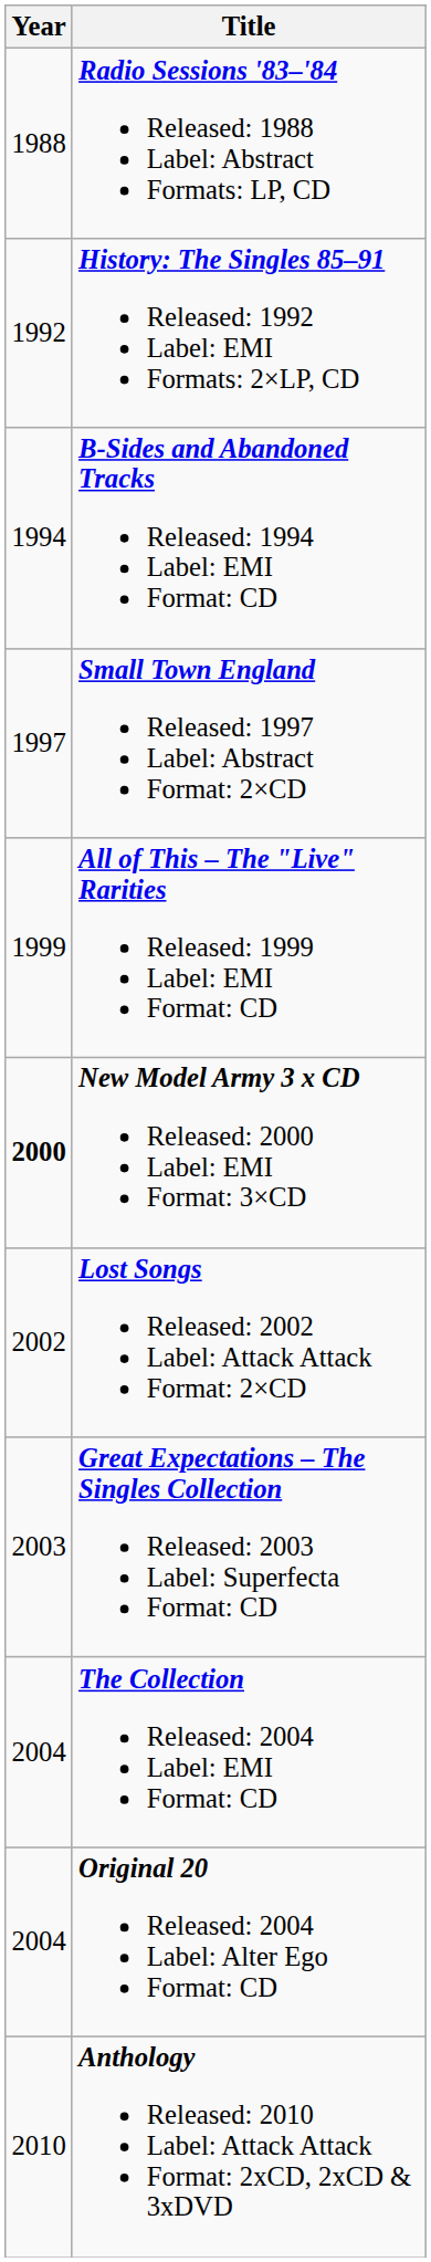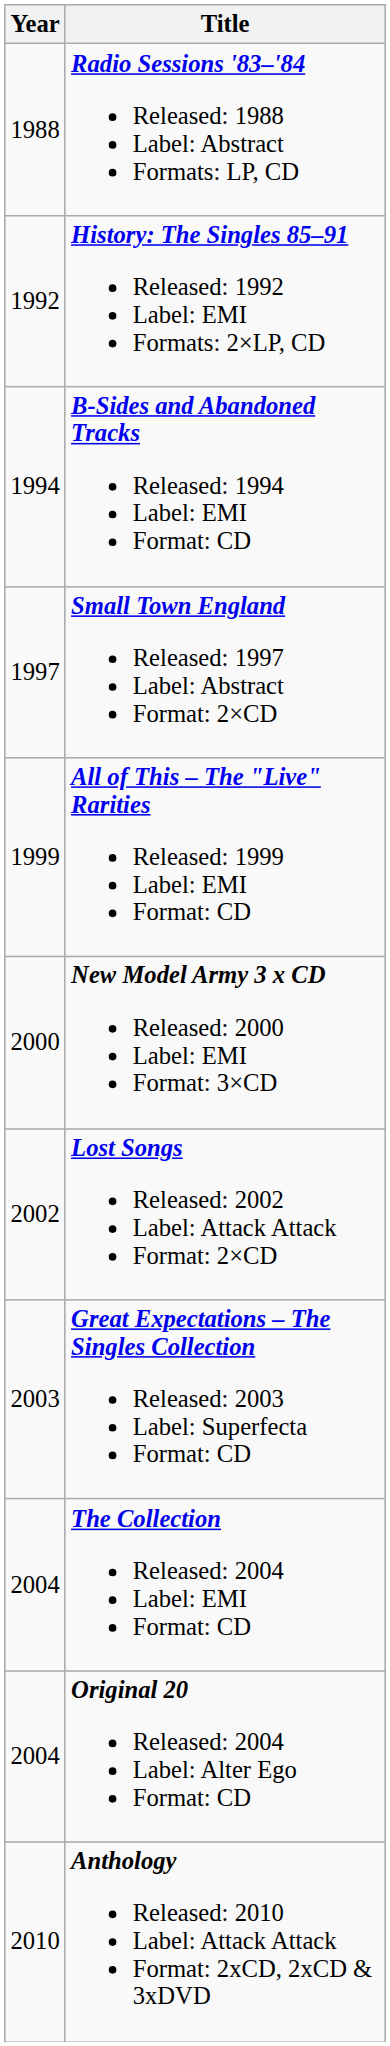 <table class="wikitable">
 <tr>
 <th>Year</th>
 <th width="200">Title</th>
 </tr>
 <tr align="center">
 <td>1988</td>
 <td align="left"><strong><em><a href='#'>Radio Sessions '83–'84</a></em></strong><br><ul><li>Released: 1988</li><li>Label: Abstract</li><li>Formats: LP, CD</li></ul></td>
 </tr>
 <tr align="center">
 <td>1992</td>
 <td align="left"><strong><em><a href='#'>History: The Singles 85–91</a></em></strong><br><ul><li>Released: 1992</li><li>Label: EMI</li><li>Formats: 2×LP, CD</li></ul></td>
 </tr>
 <tr align="center">
 <td>1994</td>
 <td align="left"><strong><em><a href='#'>B-Sides and Abandoned Tracks</a></em></strong><br><ul><li>Released: 1994</li><li>Label: EMI</li><li>Format: CD</li></ul></td>
 </tr>
 <tr align="center">
 <td>1997</td>
 <td align="left"><strong><em><a href='#'>Small Town England</a></em></strong><br><ul><li>Released: 1997</li><li>Label: Abstract</li><li>Format: 2×CD</li></ul></td>
 </tr>
 <tr align="center">
 <td>1999</td>
 <td align="left"><strong><em><a href='#'>All of This – The "Live" Rarities</a></em></strong><br><ul><li>Released: 1999</li><li>Label: EMI</li><li>Format: CD</li></ul></td>
 </tr>
 <tr align="center">
-<td><strong>2000</strong></td>
+<td>2000</td>
 <td align="left"><strong><em>New Model Army 3 x CD</em></strong><br><ul><li>Released: 2000</li><li>Label: EMI</li><li>Format: 3×CD</li></ul></td>
 </tr>
 <tr align="center">
 <td>2002</td>
 <td align="left"><strong><em><a href='#'>Lost Songs</a></em></strong><br><ul><li>Released: 2002</li><li>Label: Attack Attack</li><li>Format: 2×CD</li></ul></td>
 </tr>
 <tr align="center">
 <td>2003</td>
 <td align="left"><strong><em><a href='#'>Great Expectations – The Singles Collection</a></em></strong><br><ul><li>Released: 2003</li><li>Label: Superfecta</li><li>Format: CD</li></ul></td>
 </tr>
 <tr align="center">
 <td>2004</td>
 <td align="left"><strong><em><a href='#'>The Collection</a></em></strong><br><ul><li>Released: 2004</li><li>Label: EMI</li><li>Format: CD</li></ul></td>
 </tr>
 <tr align="center">
 <td>2004</td>
 <td align="left"><strong><em>Original 20</em></strong><br><ul><li>Released: 2004</li><li>Label: Alter Ego</li><li>Format: CD</li></ul></td>
 </tr>
 <tr align="center">
 <td>2010</td>
 <td align="left"><strong><em>Anthology</em></strong><br><ul><li>Released: 2010</li><li>Label: Attack Attack</li><li>Format: 2xCD, 2xCD & 3xDVD</li></ul></td>
 </tr>
 </table>
